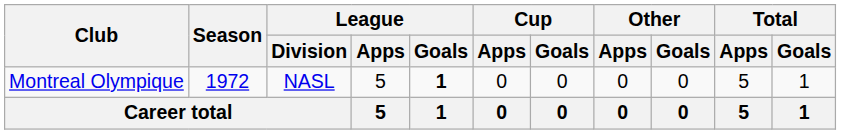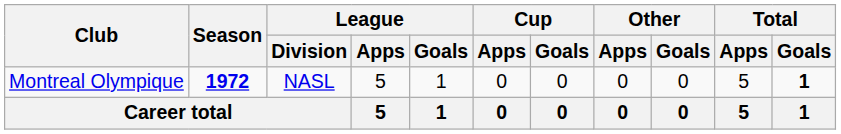 <table class="wikitable" style="text-align: center">
 <tr>
 <th rowspan="2">Club</th>
 <th rowspan="2">Season</th>
 <th colspan="3">League</th>
 <th colspan="2">Cup</th>
 <th colspan="2">Other</th>
 <th colspan="2">Total</th>
 </tr>
 <tr>
 <th>Division</th>
 <th>Apps</th>
 <th>Goals</th>
 <th>Apps</th>
 <th>Goals</th>
 <th>Apps</th>
 <th>Goals</th>
 <th>Apps</th>
 <th>Goals</th>
 </tr>
 <tr>
 <td><a href='#'>Montreal Olympique</a></td>
-<td><a href='#'>1972</a></td>
+<td><strong><a href='#'>1972</a></strong></td>
 <td><a href='#'>NASL</a></td>
 <td>5</td>
-<td><strong>1</strong></td>
+<td>1</td>
 <td>0</td>
 <td>0</td>
 <td>0</td>
 <td>0</td>
 <td>5</td>
-<td>1</td>
+<td><strong>1</strong></td>
 </tr>
 <tr>
 <th colspan="3"><strong>Career total</strong></th>
 <th>5</th>
 <th>1</th>
 <th>0</th>
 <th>0</th>
 <th>0</th>
 <th>0</th>
 <th>5</th>
 <th>1</th>
 </tr>
 </table>
